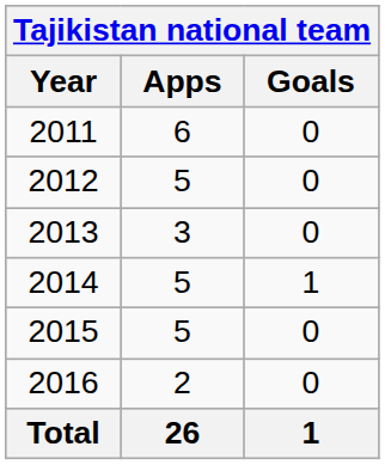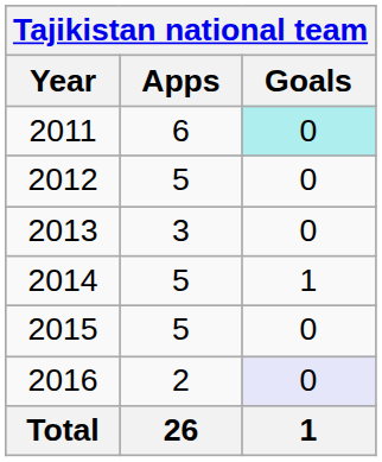 <table class="wikitable" style="text-align:center">
 <tr>
 <th colspan=3><a href='#'>Tajikistan national team</a></th>
 </tr>
 <tr>
 <th>Year</th>
 <th>Apps</th>
 <th>Goals</th>
 </tr>
 <tr>
 <td>2011</td>
 <td>6</td>
-<td>0</td>
+<td style="background: paleturquoise;">0</td>
 </tr>
 <tr>
 <td>2012</td>
 <td>5</td>
 <td>0</td>
 </tr>
 <tr>
 <td>2013</td>
 <td>3</td>
 <td>0</td>
 </tr>
 <tr>
 <td>2014</td>
 <td>5</td>
 <td>1</td>
 </tr>
 <tr>
 <td>2015</td>
 <td>5</td>
 <td>0</td>
 </tr>
 <tr>
 <td>2016</td>
 <td>2</td>
-<td>0</td>
+<td style="background: lavender;">0</td>
 </tr>
 <tr>
 <th>Total</th>
 <th>26</th>
 <th>1</th>
 </tr>
 </table>
